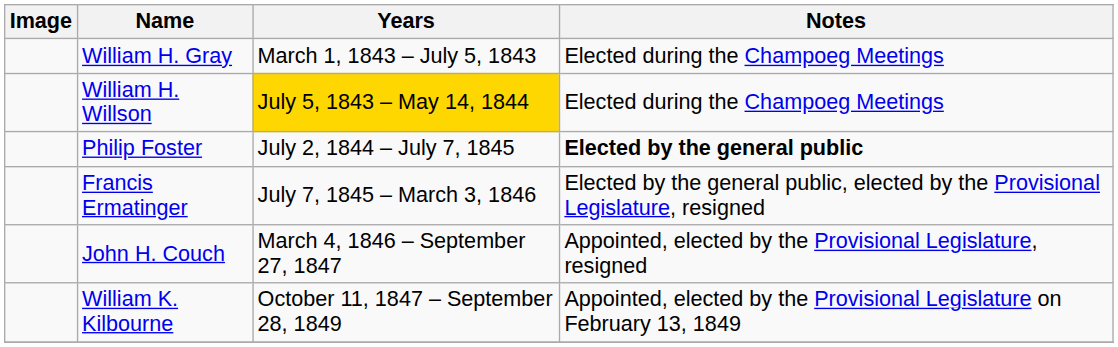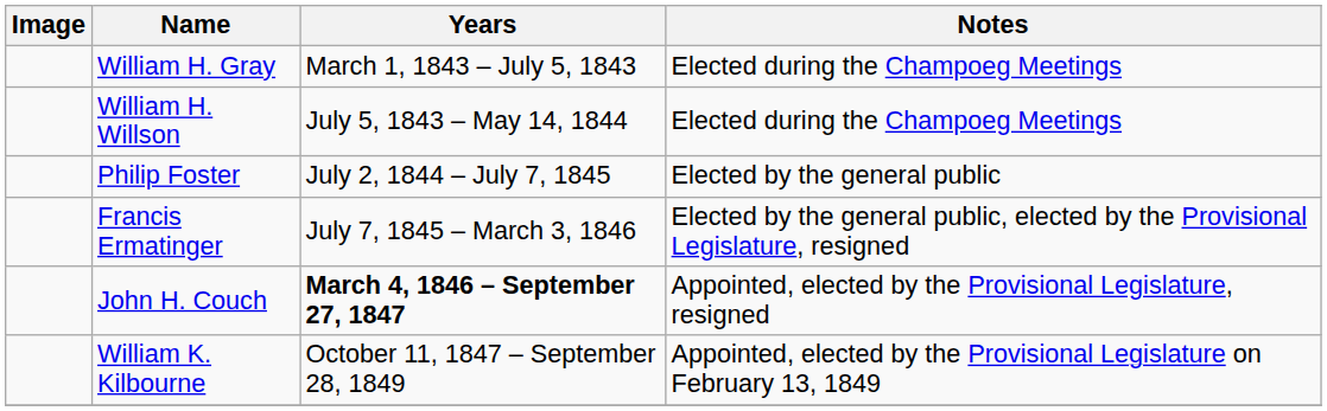 <table class="wikitable sortable" style="width:65%">
 <tr>
 <th>Image</th>
 <th>Name</th>
 <th>Years</th>
 <th>Notes</th>
 </tr>
 <tr>
 <td></td>
 <td><a href='#'>William H. Gray</a></td>
 <td>March 1, 1843 – July 5, 1843</td>
 <td>Elected during the <a href='#'>Champoeg Meetings</a></td>
 </tr>
 <tr>
 <td></td>
 <td><a href='#'>William H. Willson</a></td>
-<td style="background: gold;">July 5, 1843 – May 14, 1844</td>
+<td>July 5, 1843 – May 14, 1844</td>
 <td>Elected during the <a href='#'>Champoeg Meetings</a></td>
 </tr>
 <tr>
 <td></td>
 <td><a href='#'>Philip Foster</a></td>
 <td>July 2, 1844 – July 7, 1845</td>
-<td><strong>Elected by the general public</strong></td>
+<td>Elected by the general public</td>
 </tr>
 <tr>
 <td></td>
 <td><a href='#'>Francis Ermatinger</a></td>
 <td>July 7, 1845 – March 3, 1846</td>
 <td>Elected by the general public, elected by the <a href='#'>Provisional Legislature</a>, resigned</td>
 </tr>
 <tr>
 <td></td>
 <td><a href='#'>John H. Couch</a></td>
-<td>March 4, 1846 – September 27, 1847</td>
+<td><strong>March 4, 1846 – September 27, 1847</strong></td>
 <td>Appointed, elected by the <a href='#'>Provisional Legislature</a>, resigned</td>
 </tr>
 <tr>
 <td></td>
 <td><a href='#'>William K. Kilbourne</a></td>
 <td>October 11, 1847 – September 28, 1849</td>
 <td>Appointed, elected by the <a href='#'>Provisional Legislature</a> on February 13, 1849</td>
 </tr>
 <tr>
 </tr>
 </table>
